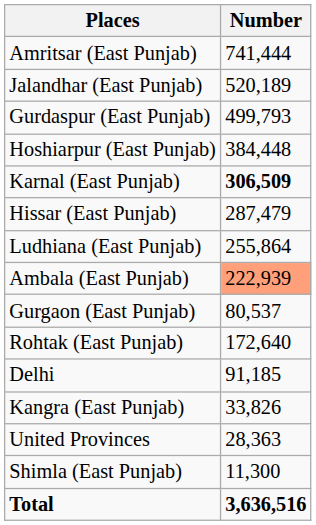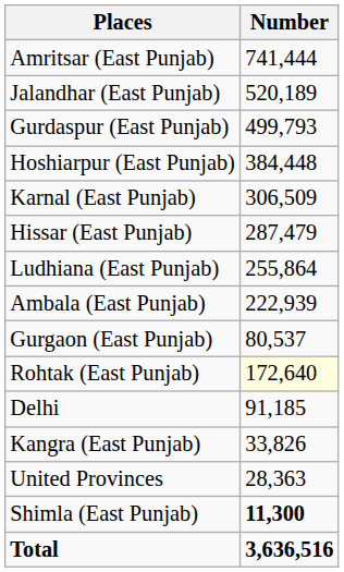 <table class="wikitable mw-collapsible">
 <tr>
 <th>Places</th>
 <th>Number</th>
 </tr>
 <tr>
 <td>Amritsar (East Punjab)</td>
 <td>741,444</td>
 </tr>
 <tr>
 <td>Jalandhar (East Punjab)</td>
 <td>520,189</td>
 </tr>
 <tr>
 <td>Gurdaspur (East Punjab)</td>
 <td>499,793</td>
 </tr>
 <tr>
 <td>Hoshiarpur (East Punjab)</td>
 <td>384,448</td>
 </tr>
 <tr>
 <td>Karnal (East Punjab)</td>
-<td><strong>306,509</strong></td>
+<td>306,509</td>
 </tr>
 <tr>
 <td>Hissar (East Punjab)</td>
 <td>287,479</td>
 </tr>
 <tr>
 <td>Ludhiana (East Punjab)</td>
 <td>255,864</td>
 </tr>
 <tr>
 <td>Ambala (East Punjab)</td>
-<td style="background: lightsalmon;">222,939</td>
+<td>222,939</td>
 </tr>
 <tr>
 <td>Gurgaon (East Punjab)</td>
 <td>80,537</td>
 </tr>
 <tr>
 <td>Rohtak (East Punjab)</td>
-<td>172,640</td>
+<td style="background: lightyellow;">172,640</td>
 </tr>
 <tr>
 <td>Delhi</td>
 <td>91,185</td>
 </tr>
 <tr>
 <td>Kangra (East Punjab)</td>
 <td>33,826</td>
 </tr>
 <tr>
 <td>United Provinces</td>
 <td>28,363</td>
 </tr>
 <tr>
 <td>Shimla (East Punjab)</td>
-<td>11,300</td>
+<td><strong>11,300</strong></td>
 </tr>
 <tr>
 <td><strong>Total</strong></td>
 <td><strong>3,636,516</strong></td>
 </tr>
 </table>
